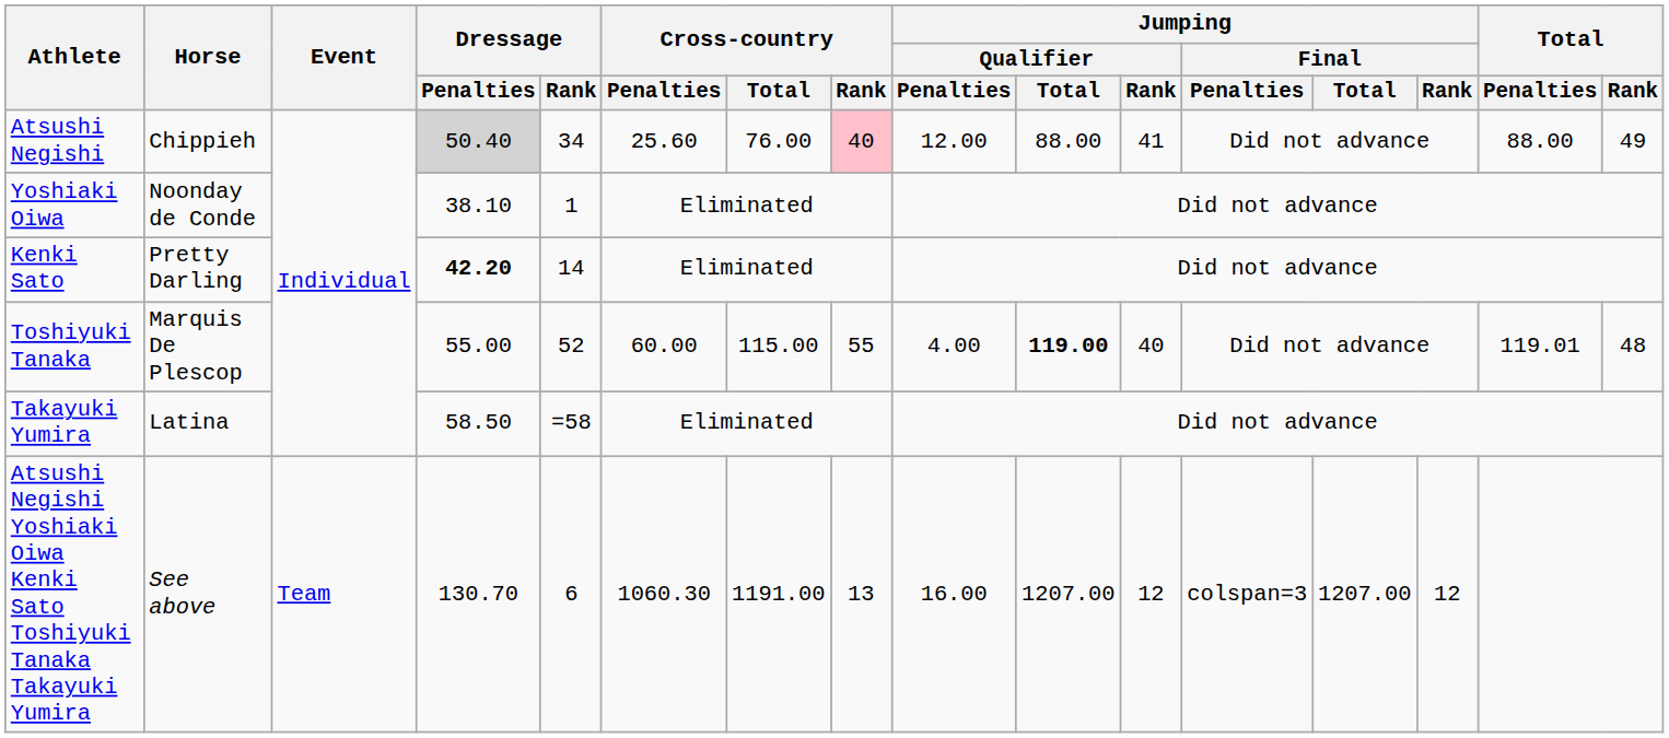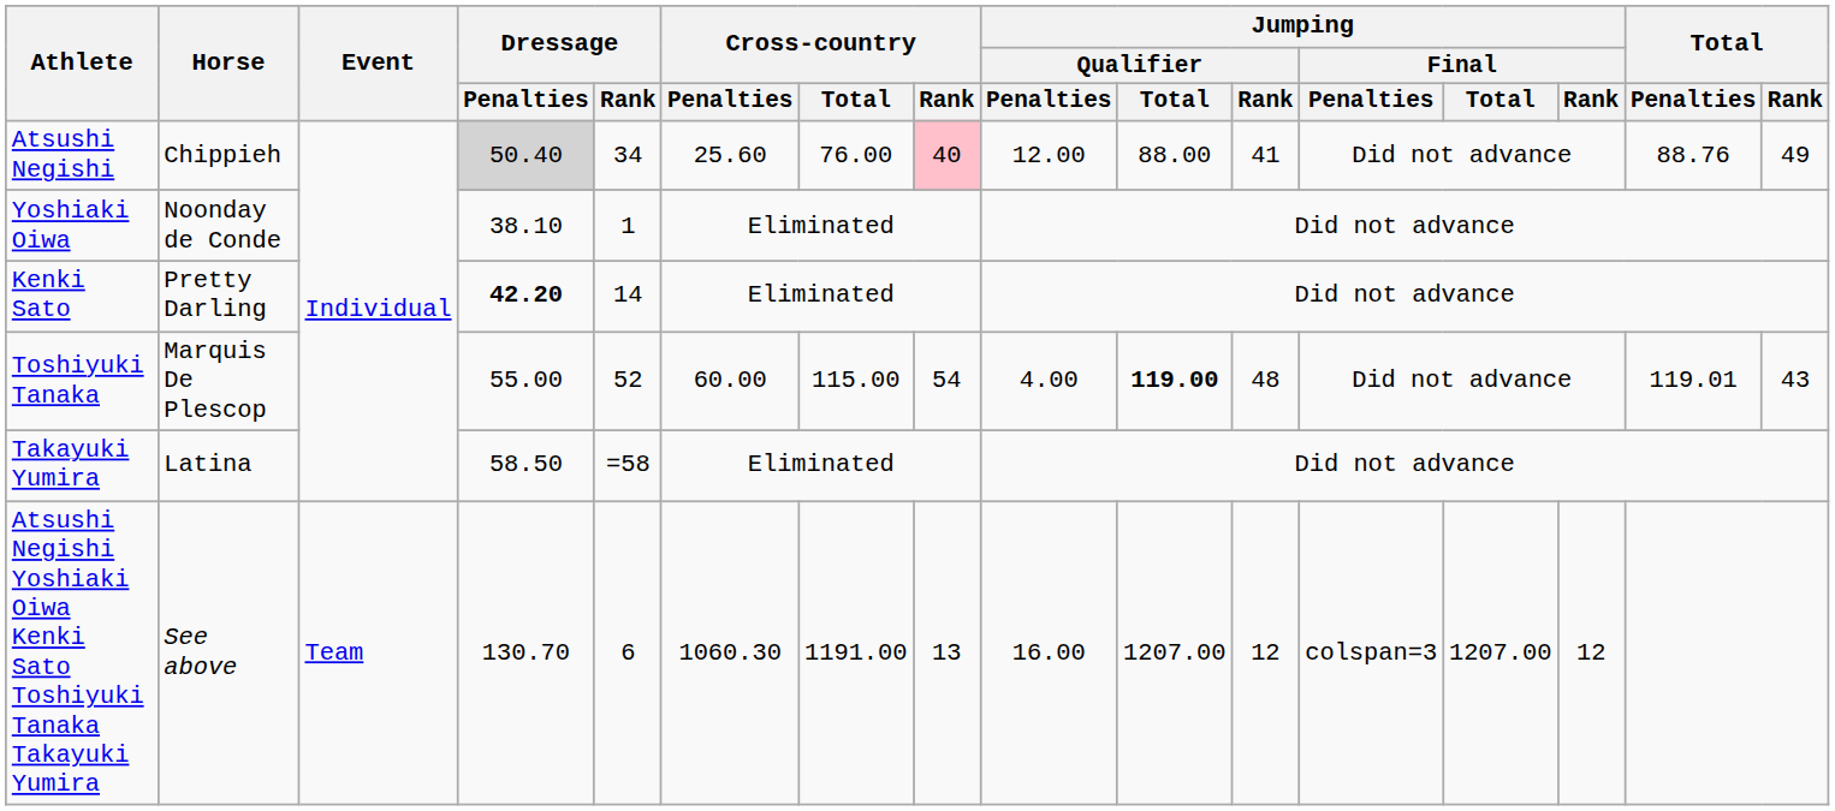 <table class=wikitable style="font-size:90%">
 <tr>
 <th rowspan="3">Athlete</th>
 <th rowspan="3">Horse</th>
 <th rowspan="3">Event</th>
 <th colspan="2" rowspan="2">Dressage</th>
 <th colspan="3" rowspan="2">Cross-country</th>
 <th colspan="6">Jumping</th>
 <th colspan="2" rowspan="2">Total</th>
 </tr>
 <tr style="font-size:95%">
 <th colspan="3">Qualifier</th>
 <th colspan="3">Final</th>
 </tr>
 <tr style="font-size:95%">
 <th>Penalties</th>
 <th>Rank</th>
 <th>Penalties</th>
 <th>Total</th>
 <th>Rank</th>
 <th>Penalties</th>
 <th>Total</th>
 <th>Rank</th>
 <th>Penalties</th>
 <th>Total</th>
 <th>Rank</th>
 <th>Penalties</th>
 <th>Rank</th>
 </tr>
 <tr align=center>
 <td align=left><a href='#'>Atsushi Negishi</a></td>
 <td align=left>Chippieh</td>
 <td align=left rowspan=5><a href='#'>Individual</a></td>
 <td style="background: lightgrey;">50.40</td>
 <td>34</td>
 <td>25.60</td>
 <td>76.00</td>
 <td style="background: pink;">40</td>
 <td>12.00</td>
 <td>88.00</td>
 <td>41</td>
 <td colspan=3>Did not advance</td>
-<td>88.00</td>
+<td>88.76</td>
 <td>49</td>
 </tr>
 <tr align=center>
 <td align=left><a href='#'>Yoshiaki Oiwa</a></td>
 <td align=left>Noonday de Conde</td>
 <td>38.10</td>
 <td>1</td>
 <td colspan=3>Eliminated</td>
 <td colspan=8>Did not advance</td>
 </tr>
 <tr align=center>
 <td align=left><a href='#'>Kenki Sato</a></td>
 <td align=left>Pretty Darling</td>
 <td><strong>42.20</strong></td>
 <td>14</td>
 <td colspan=3>Eliminated</td>
 <td colspan=8>Did not advance</td>
 </tr>
 <tr align=center>
 <td align=left><a href='#'>Toshiyuki Tanaka</a></td>
 <td align=left>Marquis De Plescop</td>
 <td>55.00</td>
 <td>52</td>
 <td>60.00</td>
 <td>115.00</td>
-<td>55</td>
+<td>54</td>
 <td>4.00</td>
 <td><strong>119.00</strong></td>
-<td>40</td>
+<td>48</td>
 <td colspan=3>Did not advance</td>
 <td>119.01</td>
-<td>48</td>
+<td>43</td>
 </tr>
 <tr align=center>
 <td align=left><a href='#'>Takayuki Yumira</a></td>
 <td align=left>Latina</td>
 <td>58.50</td>
 <td>=58</td>
 <td colspan=3>Eliminated</td>
 <td colspan=8>Did not advance</td>
 </tr>
 <tr align=center>
 <td align=left><a href='#'>Atsushi Negishi</a><br><a href='#'>Yoshiaki Oiwa</a><br><a href='#'>Kenki Sato</a><br><a href='#'>Toshiyuki Tanaka</a><br><a href='#'>Takayuki Yumira</a></td>
 <td align=left><em>See above</em></td>
 <td align=left><a href='#'>Team</a></td>
 <td>130.70</td>
 <td>6</td>
 <td>1060.30</td>
 <td>1191.00</td>
 <td>13</td>
 <td>16.00</td>
 <td>1207.00</td>
 <td>12</td>
 <td>colspan=3 </td>
 <td>1207.00</td>
 <td>12</td>
 </tr>
 </table>
